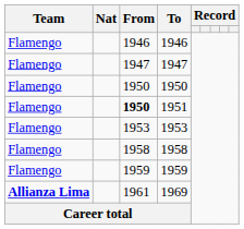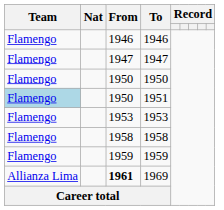 <table class="wikitable" style="text-align: center">
 <tr>
 <th rowspan=2>Team</th>
 <th rowspan=2>Nat</th>
 <th rowspan=2>From</th>
 <th rowspan=2>To</th>
 <th colspan="6">Record</th>
 </tr>
 <tr>
 <th></th>
 <th></th>
 <th></th>
 <th></th>
 <th></th>
 </tr>
 <tr>
 <td align=left><a href='#'>Flamengo</a></td>
 <td></td>
 <td align=left>1946</td>
 <td align=left>1946<br></td>
 </tr>
 <tr>
 <td align=left><a href='#'>Flamengo</a></td>
 <td></td>
 <td align=left>1947</td>
 <td align=left>1947<br></td>
 </tr>
 <tr>
 <td align=left><a href='#'>Flamengo</a></td>
 <td></td>
 <td align=left>1950</td>
 <td align=left>1950<br></td>
 </tr>
 <tr>
-<td align=left><a href='#'>Flamengo</a></td>
+<td align=left style="background: lightblue;"><a href='#'>Flamengo</a></td>
 <td></td>
-<td align=left><strong>1950</strong></td>
+<td align=left>1950</td>
 <td align=left>1951<br></td>
 </tr>
 <tr>
 <td align=left><a href='#'>Flamengo</a></td>
 <td></td>
 <td align=left>1953</td>
 <td align=left>1953<br></td>
 </tr>
 <tr>
 <td align=left><a href='#'>Flamengo</a></td>
 <td></td>
 <td align=left>1958</td>
 <td align=left>1958<br></td>
 </tr>
 <tr>
 <td align=left><a href='#'>Flamengo</a></td>
 <td></td>
 <td align=left>1959</td>
 <td align=left>1959<br></td>
 </tr>
 <tr>
-<td align=left><strong><a href='#'>Allianza Lima</a></strong></td>
+<td align=left><a href='#'>Allianza Lima</a></td>
 <td></td>
-<td align=left>1961</td>
+<td align=left><strong>1961</strong></td>
 <td align=left>1969<br></td>
 </tr>
 <tr>
 <th colspan=4>Career total<br></th>
 </tr>
 </table>
